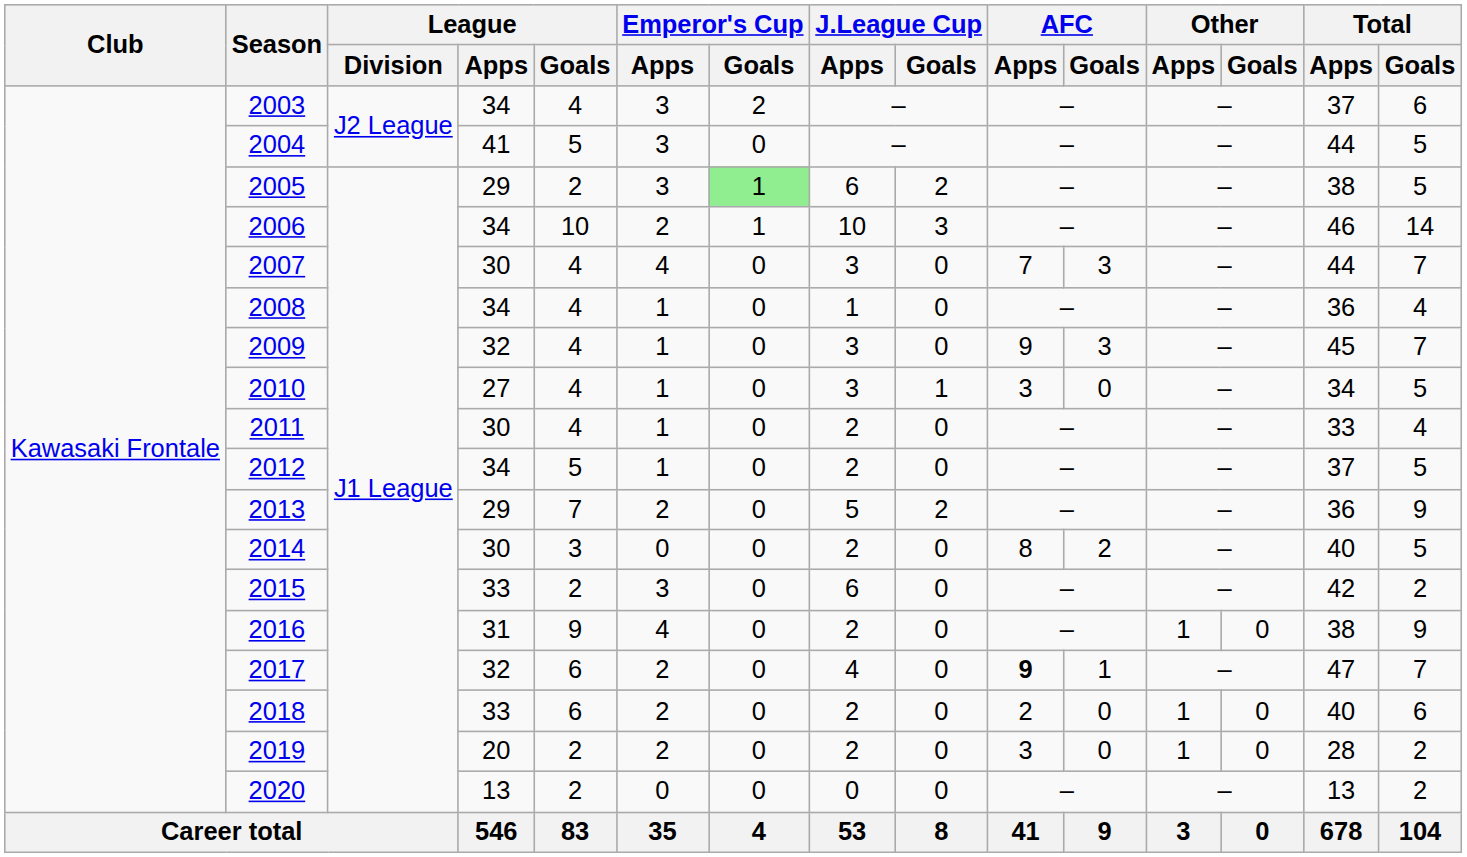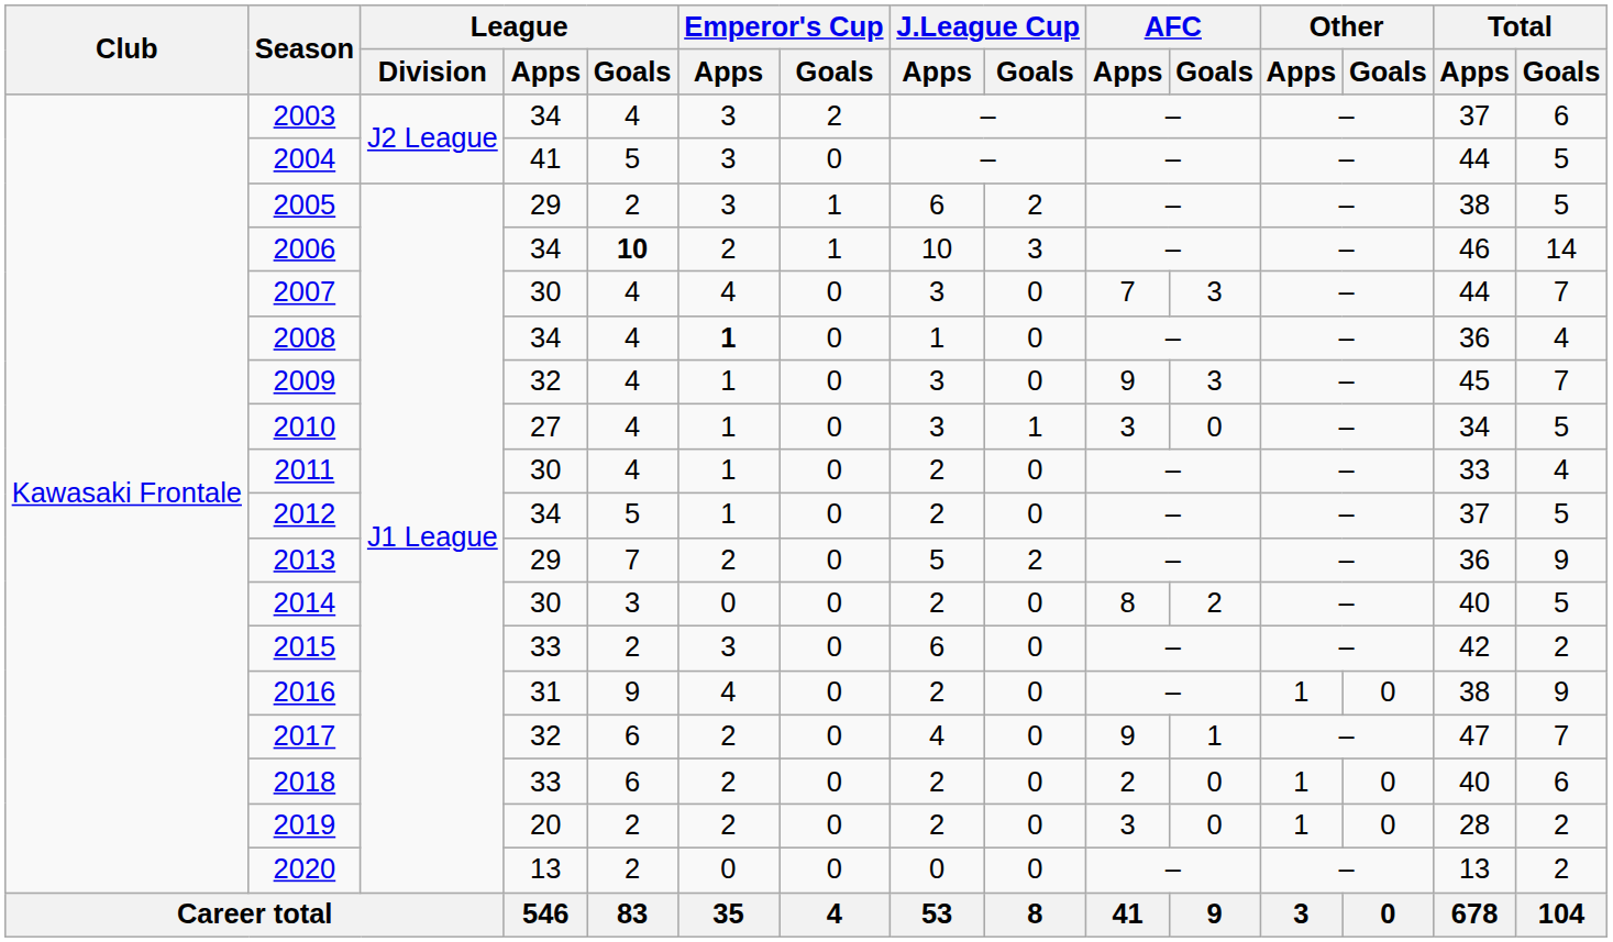 <table class="wikitable" style="text-align:center">
 <tr>
 <th rowspan="2">Club</th>
 <th rowspan="2">Season</th>
 <th colspan="3">League</th>
 <th colspan="2"><a href='#'>Emperor's Cup</a></th>
 <th colspan="2"><a href='#'>J.League Cup</a></th>
 <th colspan="2"><a href='#'>AFC</a></th>
 <th colspan="2">Other</th>
 <th colspan="2">Total</th>
 </tr>
 <tr>
 <th>Division</th>
 <th>Apps</th>
 <th>Goals</th>
 <th>Apps</th>
 <th>Goals</th>
 <th>Apps</th>
 <th>Goals</th>
 <th>Apps</th>
 <th>Goals</th>
 <th>Apps</th>
 <th>Goals</th>
 <th>Apps</th>
 <th>Goals</th>
 </tr>
 <tr>
 <td rowspan="18"><a href='#'>Kawasaki Frontale</a></td>
 <td><a href='#'>2003</a></td>
 <td rowspan="2"><a href='#'>J2 League</a></td>
 <td>34</td>
 <td>4</td>
 <td>3</td>
 <td>2</td>
 <td colspan="2">–</td>
 <td colspan="2">–</td>
 <td colspan="2">–</td>
 <td>37</td>
 <td>6</td>
 </tr>
 <tr>
 <td><a href='#'>2004</a></td>
 <td>41</td>
 <td>5</td>
 <td>3</td>
 <td>0</td>
 <td colspan="2">–</td>
 <td colspan="2">–</td>
 <td colspan="2">–</td>
 <td>44</td>
 <td>5</td>
 </tr>
 <tr>
 <td><a href='#'>2005</a></td>
 <td rowspan="16"><a href='#'>J1 League</a></td>
 <td>29</td>
 <td>2</td>
 <td>3</td>
-<td style="background: lightgreen;">1</td>
+<td>1</td>
 <td>6</td>
 <td>2</td>
 <td colspan="2">–</td>
 <td colspan="2">–</td>
 <td>38</td>
 <td>5</td>
 </tr>
 <tr>
 <td><a href='#'>2006</a></td>
 <td>34</td>
-<td>10</td>
+<td><strong>10</strong></td>
 <td>2</td>
 <td>1</td>
 <td>10</td>
 <td>3</td>
 <td colspan="2">–</td>
 <td colspan="2">–</td>
 <td>46</td>
 <td>14</td>
 </tr>
 <tr>
 <td><a href='#'>2007</a></td>
 <td>30</td>
 <td>4</td>
 <td>4</td>
 <td>0</td>
 <td>3</td>
 <td>0</td>
 <td>7</td>
 <td>3</td>
 <td colspan="2">–</td>
 <td>44</td>
 <td>7</td>
 </tr>
 <tr>
 <td><a href='#'>2008</a></td>
 <td>34</td>
 <td>4</td>
-<td>1</td>
+<td><strong>1</strong></td>
 <td>0</td>
 <td>1</td>
 <td>0</td>
 <td colspan="2">–</td>
 <td colspan="2">–</td>
 <td>36</td>
 <td>4</td>
 </tr>
 <tr>
 <td><a href='#'>2009</a></td>
 <td>32</td>
 <td>4</td>
 <td>1</td>
 <td>0</td>
 <td>3</td>
 <td>0</td>
 <td>9</td>
 <td>3</td>
 <td colspan="2">–</td>
 <td>45</td>
 <td>7</td>
 </tr>
 <tr>
 <td><a href='#'>2010</a></td>
 <td>27</td>
 <td>4</td>
 <td>1</td>
 <td>0</td>
 <td>3</td>
 <td>1</td>
 <td>3</td>
 <td>0</td>
 <td colspan="2">–</td>
 <td>34</td>
 <td>5</td>
 </tr>
 <tr>
 <td><a href='#'>2011</a></td>
 <td>30</td>
 <td>4</td>
 <td>1</td>
 <td>0</td>
 <td>2</td>
 <td>0</td>
 <td colspan="2">–</td>
 <td colspan="2">–</td>
 <td>33</td>
 <td>4</td>
 </tr>
 <tr>
 <td><a href='#'>2012</a></td>
 <td>34</td>
 <td>5</td>
 <td>1</td>
 <td>0</td>
 <td>2</td>
 <td>0</td>
 <td colspan="2">–</td>
 <td colspan="2">–</td>
 <td>37</td>
 <td>5</td>
 </tr>
 <tr>
 <td><a href='#'>2013</a></td>
 <td>29</td>
 <td>7</td>
 <td>2</td>
 <td>0</td>
 <td>5</td>
 <td>2</td>
 <td colspan="2">–</td>
 <td colspan="2">–</td>
 <td>36</td>
 <td>9</td>
 </tr>
 <tr>
 <td><a href='#'>2014</a></td>
 <td>30</td>
 <td>3</td>
 <td>0</td>
 <td>0</td>
 <td>2</td>
 <td>0</td>
 <td>8</td>
 <td>2</td>
 <td colspan="2">–</td>
 <td>40</td>
 <td>5</td>
 </tr>
 <tr>
 <td><a href='#'>2015</a></td>
 <td>33</td>
 <td>2</td>
 <td>3</td>
 <td>0</td>
 <td>6</td>
 <td>0</td>
 <td colspan="2">–</td>
 <td colspan="2">–</td>
 <td>42</td>
 <td>2</td>
 </tr>
 <tr>
 <td><a href='#'>2016</a></td>
 <td>31</td>
 <td>9</td>
 <td>4</td>
 <td>0</td>
 <td>2</td>
 <td>0</td>
 <td colspan="2">–</td>
 <td>1</td>
 <td>0</td>
 <td>38</td>
 <td>9</td>
 </tr>
 <tr>
 <td><a href='#'>2017</a></td>
 <td>32</td>
 <td>6</td>
 <td>2</td>
 <td>0</td>
 <td>4</td>
 <td>0</td>
-<td><strong>9</strong></td>
+<td>9</td>
 <td>1</td>
 <td colspan="2">–</td>
 <td>47</td>
 <td>7</td>
 </tr>
 <tr>
 <td><a href='#'>2018</a></td>
 <td>33</td>
 <td>6</td>
 <td>2</td>
 <td>0</td>
 <td>2</td>
 <td>0</td>
 <td>2</td>
 <td>0</td>
 <td>1</td>
 <td>0</td>
 <td>40</td>
 <td>6</td>
 </tr>
 <tr>
 <td><a href='#'>2019</a></td>
 <td>20</td>
 <td>2</td>
 <td>2</td>
 <td>0</td>
 <td>2</td>
 <td>0</td>
 <td>3</td>
 <td>0</td>
 <td>1</td>
 <td>0</td>
 <td>28</td>
 <td>2</td>
 </tr>
 <tr>
 <td><a href='#'>2020</a></td>
 <td>13</td>
 <td>2</td>
 <td>0</td>
 <td>0</td>
 <td>0</td>
 <td>0</td>
 <td colspan="2">–</td>
 <td colspan="2">–</td>
 <td>13</td>
 <td>2</td>
 </tr>
 <tr>
 <th colspan="3">Career total</th>
 <th>546</th>
 <th>83</th>
 <th>35</th>
 <th>4</th>
 <th>53</th>
 <th>8</th>
 <th>41</th>
 <th>9</th>
 <th>3</th>
 <th>0</th>
 <th>678</th>
 <th>104</th>
 </tr>
 </table>
